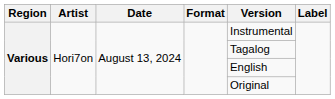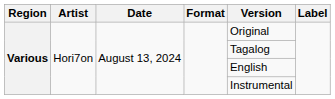 <table class="wikitable plainrowheaders">
 <tr>
 <th scope="col">Region</th>
 <th>Artist</th>
 <th scope="col">Date</th>
 <th scope="col">Format</th>
 <th scope="col">Version</th>
 <th scope="col">Label</th>
 </tr>
 <tr>
 <th rowspan="4" scope="row">Various</th>
 <td rowspan="4">Hori7on</td>
 <td rowspan="4">August 13, 2024</td>
 <td rowspan="4"></td>
-<td>Instrumental</td>
+<td>Original</td>
 <td rowspan="4"></td>
 </tr>
 <tr>
 <td>Tagalog</td>
 </tr>
 <tr>
 <td>English</td>
 </tr>
 <tr>
-<td>Original</td>
+<td>Instrumental</td>
 </tr>
 </table>
